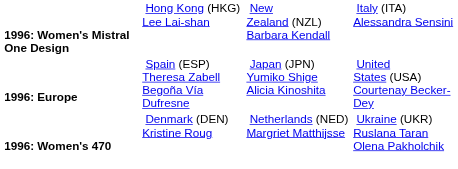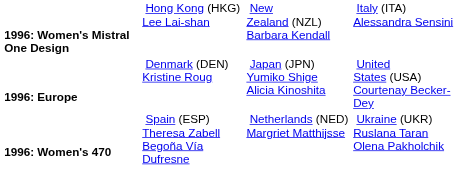 <table>
 <tr>
 <td style="align:center;"><br><br><strong>1996: Women's Mistral One Design</strong> <br></td>
 <td style="vertical-align:top;"> <a href='#'>Hong Kong</a> <span>(HKG)</span><br><a href='#'>Lee Lai-shan</a></td>
 <td style="vertical-align:top;"> <a href='#'>New Zealand</a> <span>(NZL)</span><br><a href='#'>Barbara Kendall</a></td>
 <td style="vertical-align:top;"> <a href='#'>Italy</a> <span>(ITA)</span><br><a href='#'>Alessandra Sensini</a></td>
 </tr>
 <tr>
 <td style="align:center;"><br><br><strong>1996: Europe</strong> <br></td>
-<td style="vertical-align:top;"> <a href='#'>Spain</a> <span>(ESP)</span><br><a href='#'>Theresa Zabell</a><br><a href='#'>Begoña Vía Dufresne</a></td>
+<td style="vertical-align:top;"> <a href='#'>Denmark</a> <span>(DEN)</span><br><a href='#'>Kristine Roug</a></td>
 <td style="vertical-align:top;"> <a href='#'>Japan</a> <span>(JPN)</span><br><a href='#'>Yumiko Shige</a><br><a href='#'>Alicia Kinoshita</a></td>
 <td style="vertical-align:top;"> <a href='#'>United States</a> <span>(USA)</span><br><a href='#'>Courtenay Becker-Dey</a></td>
 </tr>
 <tr>
 <td style="align:center;"><br><br><strong>1996: Women's 470</strong> <br></td>
-<td style="vertical-align:top;"> <a href='#'>Denmark</a> <span>(DEN)</span><br><a href='#'>Kristine Roug</a></td>
+<td style="vertical-align:top;"> <a href='#'>Spain</a> <span>(ESP)</span><br><a href='#'>Theresa Zabell</a><br><a href='#'>Begoña Vía Dufresne</a></td>
 <td style="vertical-align:top;"> <a href='#'>Netherlands</a> <span>(NED)</span><br><a href='#'>Margriet Matthijsse</a></td>
 <td style="vertical-align:top;"> <a href='#'>Ukraine</a> <span>(UKR)</span><br><a href='#'>Ruslana Taran</a><br><a href='#'>Olena Pakholchik</a></td>
 </tr>
 </table>
